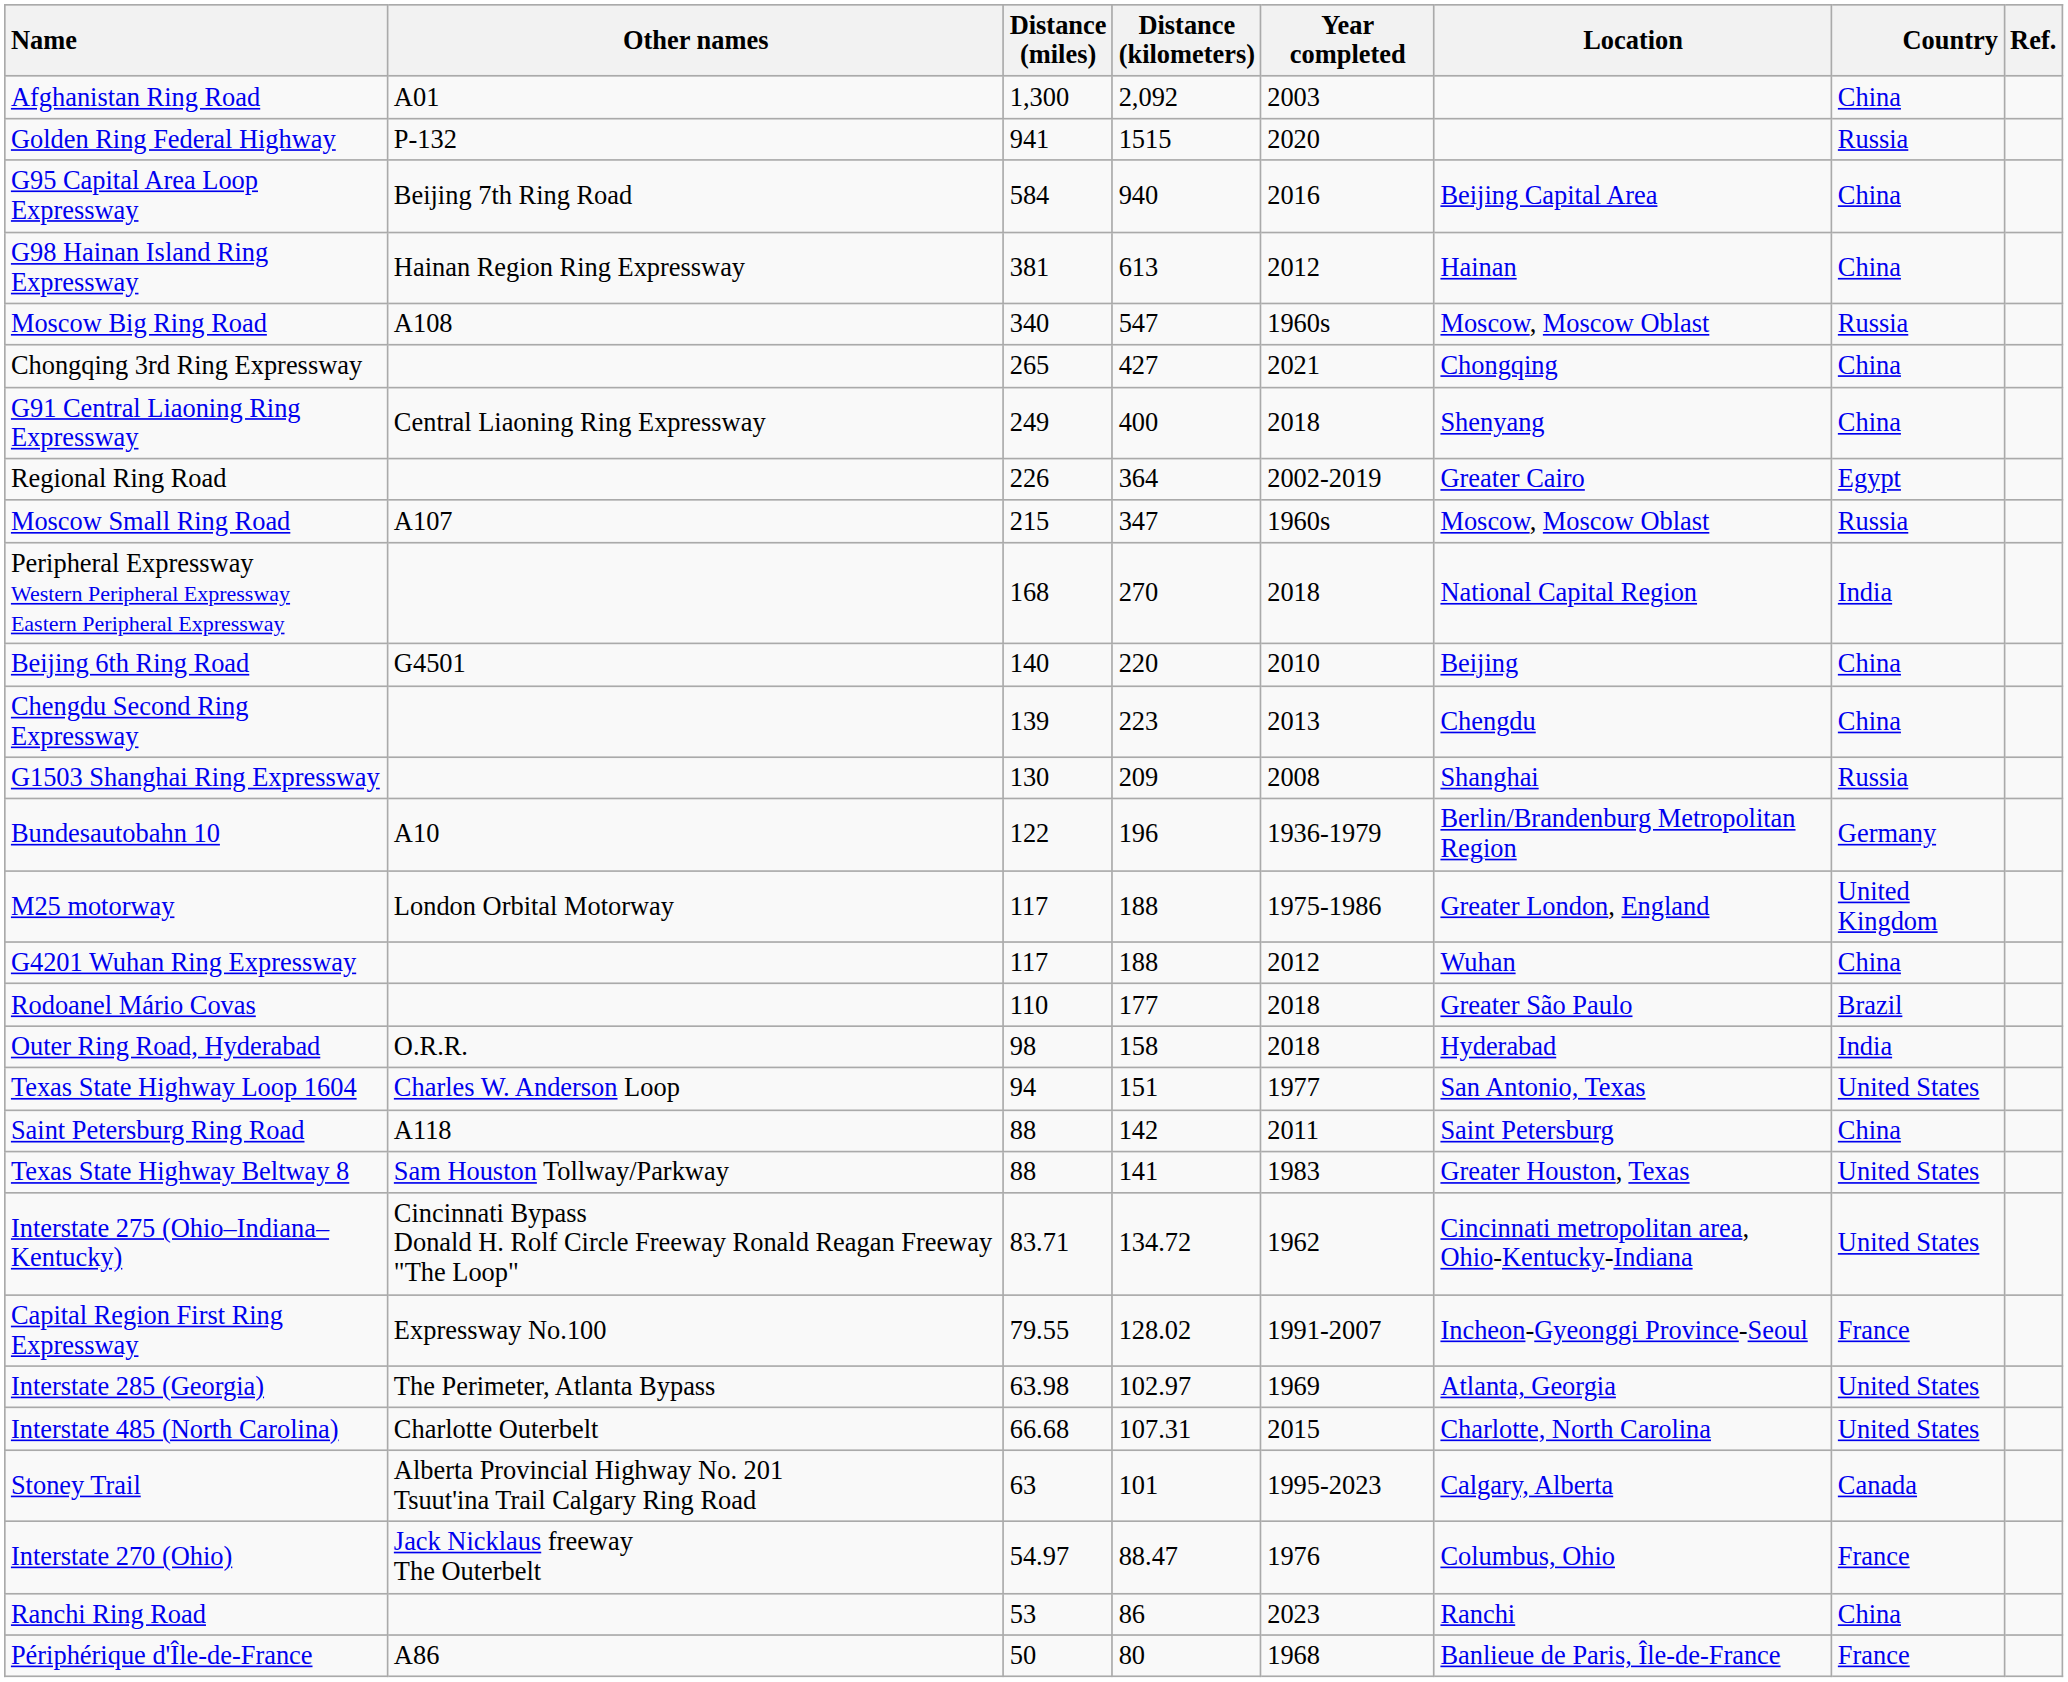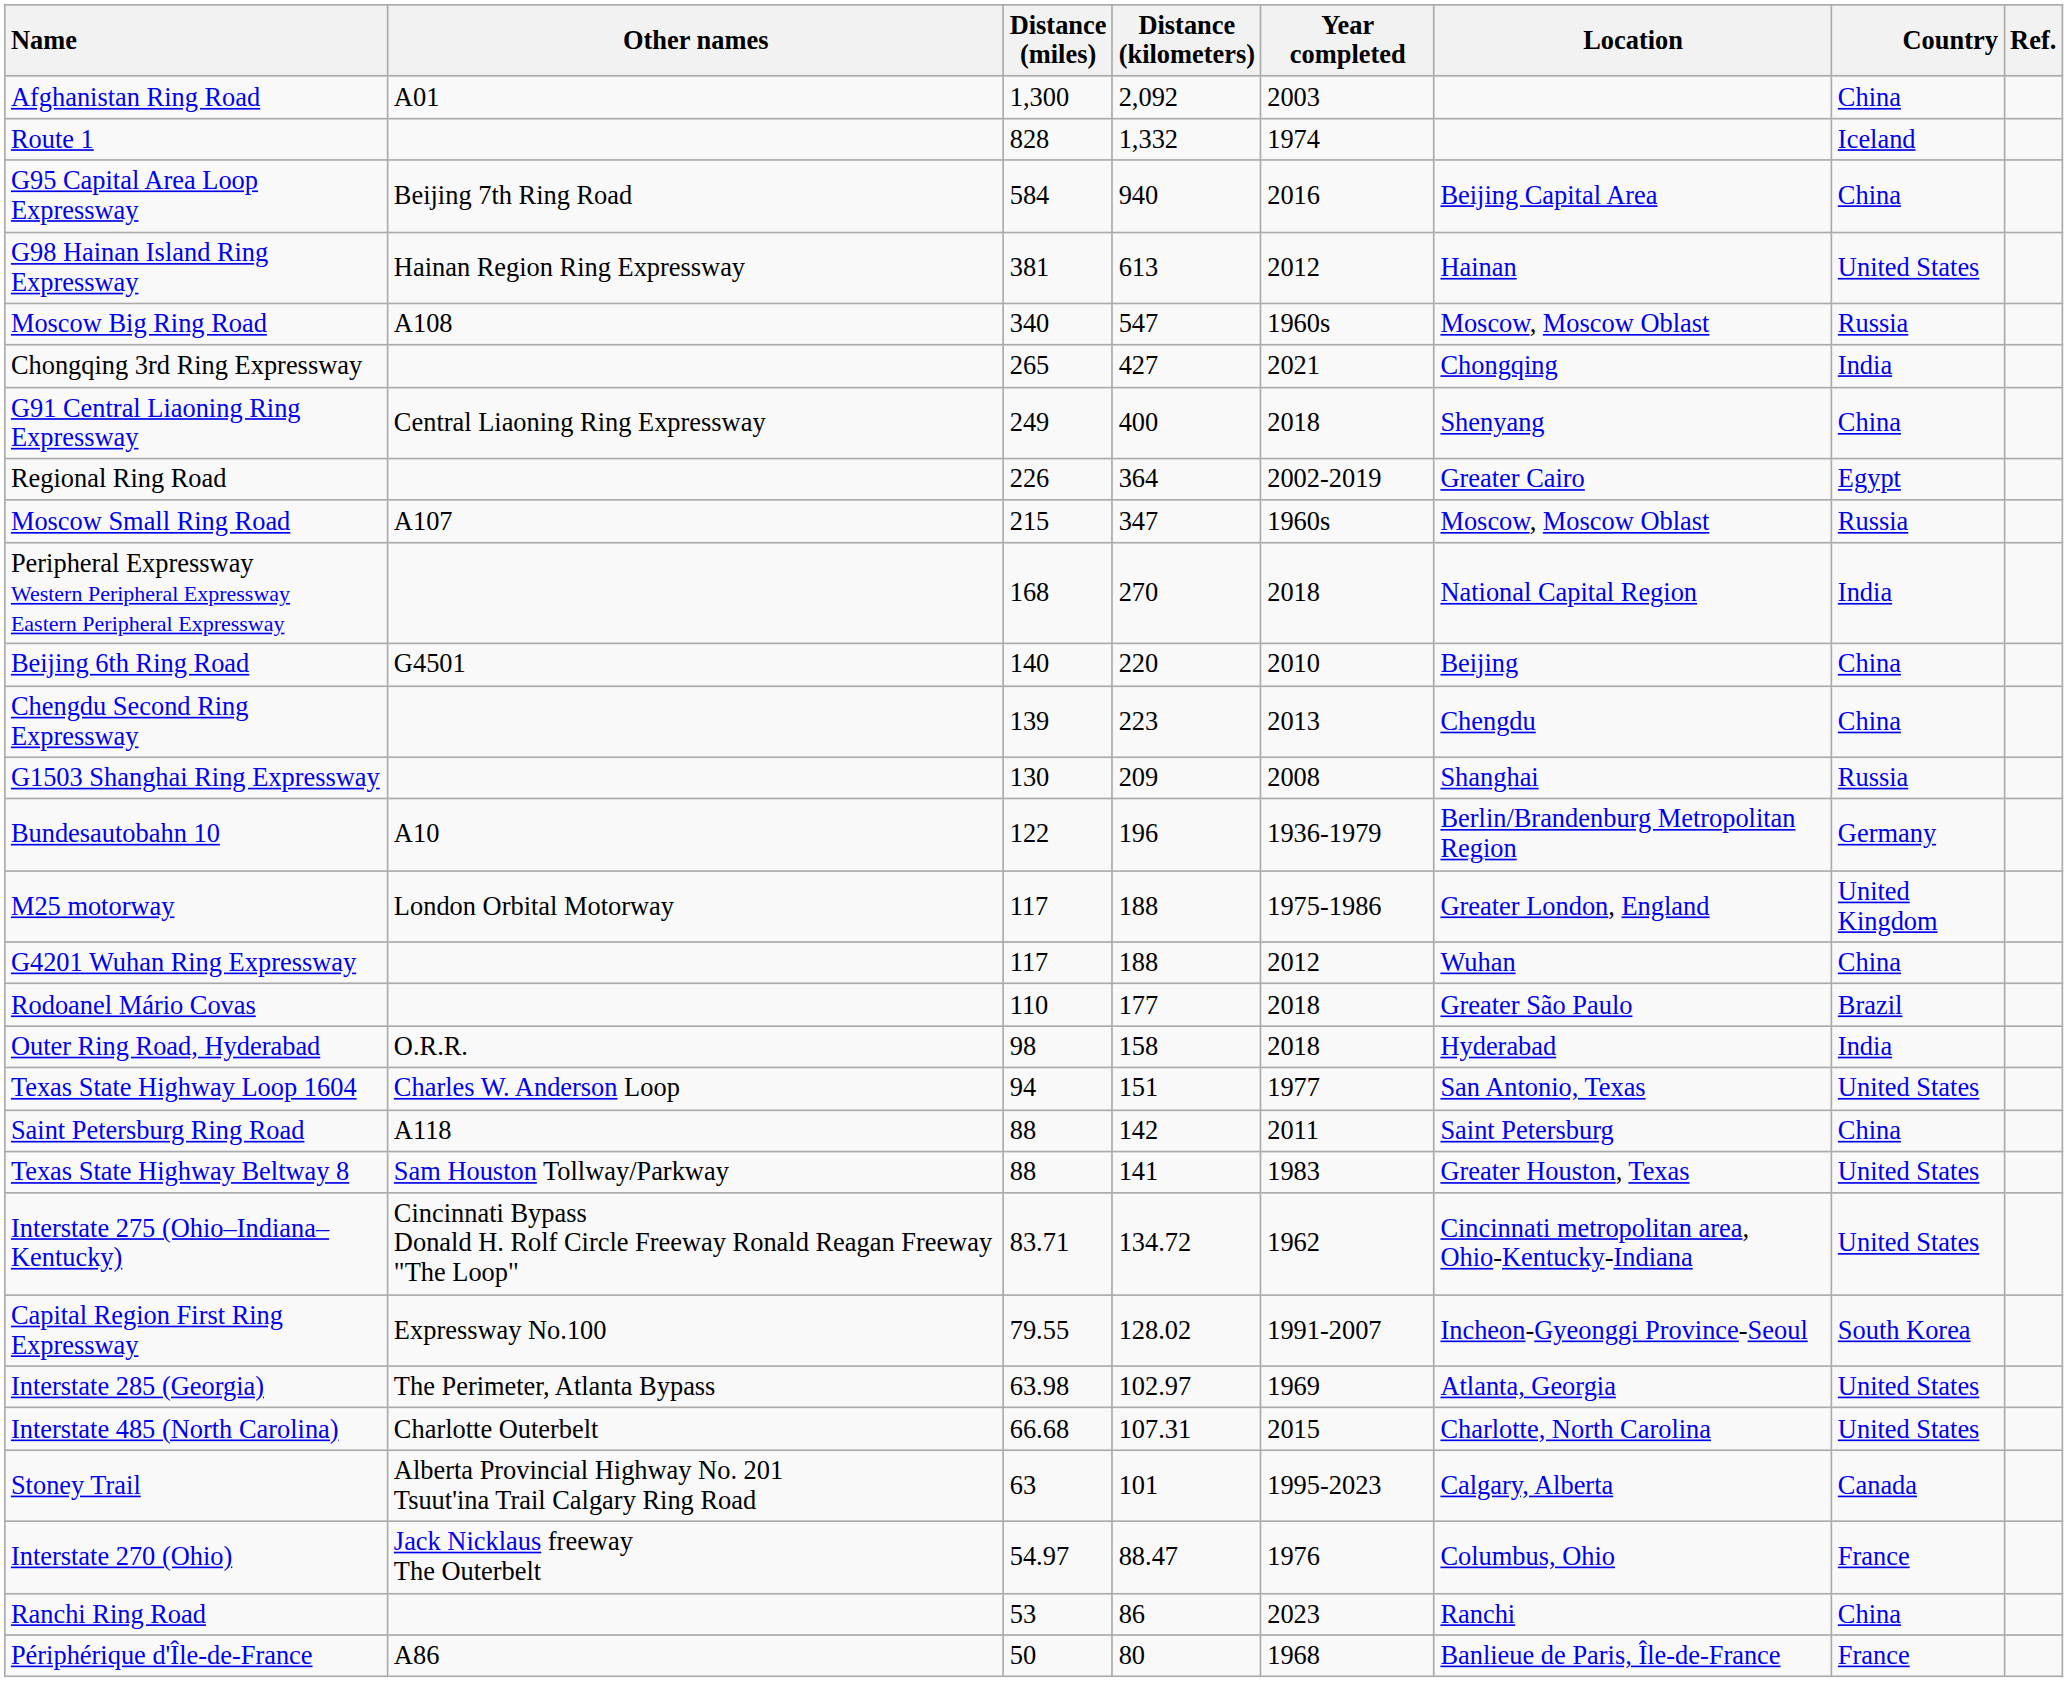 <table class="wikitable sortable">
 <tr style="background:#efefef;">
 <th style="text-align:left;">Name</th>
 <th>Other names</th>
 <th style="text-align:center;">Distance<br>(miles)</th>
 <th style="text-align:center;">Distance<br>(kilometers)</th>
 <th style="text-align:center;">Year completed</th>
 <th style="text-align:center;">Location</th>
 <th style="text-align:right;">Country</th>
 <th style="text-align:right;">Ref.</th>
 </tr>
 <tr>
 <td><a href='#'>Afghanistan Ring Road</a></td>
 <td>A01</td>
 <td>1,300</td>
 <td>2,092</td>
 <td>2003</td>
 <td></td>
 <td><a href='#'>China</a></td>
 <td></td>
 </tr>
 <tr>
-<td><a href='#'>Golden Ring Federal Highway</a></td>
-<td>Р-132</td>
-<td>941</td>
-<td>1515</td>
-<td>2020</td>
+<td><a href='#'>Route 1</a></td>
 <td></td>
-<td><a href='#'>Russia</a></td>
+<td>828</td>
+<td>1,332</td>
+<td>1974</td>
+<td></td>
+<td><a href='#'>Iceland</a></td>
 <td></td>
 </tr>
 <tr>
 <td><a href='#'>G95 Capital Area Loop Expressway</a></td>
 <td>Beijing 7th Ring Road</td>
 <td>584</td>
 <td>940</td>
 <td>2016</td>
 <td><a href='#'>Beijing Capital Area</a></td>
 <td><a href='#'>China</a></td>
 <td></td>
 </tr>
 <tr>
 <td><a href='#'>G98 Hainan Island Ring Expressway</a></td>
 <td>Hainan Region Ring Expressway</td>
 <td>381</td>
 <td>613</td>
 <td>2012</td>
 <td><a href='#'>Hainan</a></td>
-<td><a href='#'>China</a></td>
+<td><a href='#'>United States</a></td>
 <td></td>
 </tr>
 <tr>
 <td><a href='#'>Moscow Big Ring Road</a></td>
 <td>A108</td>
 <td>340</td>
 <td>547</td>
 <td>1960s</td>
 <td><a href='#'>Moscow</a>, <a href='#'>Moscow Oblast</a></td>
 <td><a href='#'>Russia</a></td>
 <td></td>
 </tr>
 <tr>
 <td>Chongqing 3rd Ring Expressway</td>
 <td></td>
 <td>265</td>
 <td>427</td>
 <td>2021</td>
 <td><a href='#'>Chongqing</a></td>
-<td><a href='#'>China</a></td>
+<td><a href='#'>India</a></td>
 <td></td>
 </tr>
 <tr>
 <td><a href='#'>G91 Central Liaoning Ring Expressway</a></td>
 <td>Central Liaoning Ring Expressway</td>
 <td>249</td>
 <td>400</td>
 <td>2018</td>
 <td><a href='#'>Shenyang</a></td>
 <td><a href='#'>China</a></td>
 <td></td>
 </tr>
 <tr>
 <td>Regional Ring Road</td>
 <td></td>
 <td>226</td>
 <td>364</td>
 <td>2002-2019</td>
 <td><a href='#'>Greater Cairo</a></td>
 <td><a href='#'>Egypt</a></td>
 <td></td>
 </tr>
 <tr>
 <td><a href='#'>Moscow Small Ring Road</a></td>
 <td>A107</td>
 <td>215</td>
 <td>347</td>
 <td>1960s</td>
 <td><a href='#'>Moscow</a>, <a href='#'>Moscow Oblast</a></td>
 <td><a href='#'>Russia</a></td>
 <td></td>
 </tr>
 <tr>
 <td>Peripheral Expressway<br><small><a href='#'>Western Peripheral Expressway</a><br><a href='#'>Eastern Peripheral Expressway</a></small></td>
 <td></td>
 <td>168</td>
 <td>270</td>
 <td>2018</td>
 <td><a href='#'>National Capital Region</a></td>
 <td><a href='#'>India</a></td>
 <td></td>
 </tr>
 <tr>
 <td><a href='#'>Beijing 6th Ring Road</a></td>
 <td>G4501</td>
 <td>140</td>
 <td>220</td>
 <td>2010</td>
 <td><a href='#'>Beijing</a></td>
 <td><a href='#'>China</a></td>
 <td></td>
 </tr>
 <tr>
 <td><a href='#'>Chengdu Second Ring Expressway</a></td>
 <td></td>
 <td>139</td>
 <td>223</td>
 <td>2013</td>
 <td><a href='#'>Chengdu</a></td>
 <td><a href='#'>China</a></td>
 <td></td>
 </tr>
 <tr>
 <td><a href='#'>G1503 Shanghai Ring Expressway</a></td>
 <td></td>
 <td>130</td>
 <td>209</td>
 <td>2008</td>
 <td><a href='#'>Shanghai</a></td>
 <td><a href='#'>Russia</a></td>
 <td></td>
 </tr>
 <tr>
 <td><a href='#'>Bundesautobahn 10</a></td>
 <td>A10</td>
 <td>122</td>
 <td>196</td>
 <td>1936-1979</td>
 <td><a href='#'>Berlin/Brandenburg Metropolitan Region</a></td>
 <td><a href='#'>Germany</a></td>
 <td></td>
 </tr>
 <tr>
 <td><a href='#'>M25 motorway</a></td>
 <td>London Orbital Motorway</td>
 <td>117</td>
 <td>188</td>
 <td>1975-1986</td>
 <td><a href='#'>Greater London</a>, <a href='#'>England</a></td>
 <td><a href='#'>United Kingdom</a></td>
 <td></td>
 </tr>
 <tr>
 <td><a href='#'>G4201 Wuhan Ring Expressway</a></td>
 <td></td>
 <td>117</td>
 <td>188</td>
 <td>2012</td>
 <td><a href='#'>Wuhan</a></td>
 <td><a href='#'>China</a></td>
 <td></td>
 </tr>
 <tr>
 <td><a href='#'>Rodoanel Mário Covas</a></td>
 <td></td>
 <td>110</td>
 <td>177</td>
 <td>2018</td>
 <td><a href='#'>Greater São Paulo</a></td>
 <td><a href='#'>Brazil</a></td>
 <td></td>
 </tr>
 <tr>
 <td><a href='#'>Outer Ring Road, Hyderabad</a></td>
 <td>O.R.R.</td>
 <td>98</td>
 <td>158</td>
 <td>2018</td>
 <td><a href='#'>Hyderabad</a></td>
 <td><a href='#'>India</a></td>
 <td></td>
 </tr>
 <tr>
 <td><a href='#'>Texas State Highway Loop 1604</a></td>
 <td><a href='#'>Charles W. Anderson</a> Loop</td>
 <td>94</td>
 <td>151</td>
 <td>1977</td>
 <td><a href='#'>San Antonio, Texas</a></td>
 <td><a href='#'>United States</a></td>
 <td></td>
 </tr>
 <tr>
 <td><a href='#'>Saint Petersburg Ring Road</a></td>
 <td>A118</td>
 <td>88</td>
 <td>142</td>
 <td>2011</td>
 <td><a href='#'>Saint Petersburg</a></td>
 <td><a href='#'>China</a></td>
 <td></td>
 </tr>
 <tr>
 <td><a href='#'>Texas State Highway Beltway 8</a></td>
 <td><a href='#'>Sam Houston</a> Tollway/Parkway</td>
 <td>88</td>
 <td>141</td>
 <td>1983</td>
 <td><a href='#'>Greater Houston</a>, <a href='#'>Texas</a></td>
 <td><a href='#'>United States</a></td>
 <td></td>
 </tr>
 <tr>
 <td><a href='#'>Interstate 275 (Ohio–Indiana–Kentucky)</a></td>
 <td>Cincinnati Bypass<br>Donald H. Rolf Circle Freeway Ronald Reagan Freeway "The Loop"</td>
 <td>83.71</td>
 <td>134.72</td>
 <td>1962</td>
 <td><a href='#'>Cincinnati metropolitan area</a>,<br><a href='#'>Ohio</a>-<a href='#'>Kentucky</a>-<a href='#'>Indiana</a></td>
 <td><a href='#'>United States</a></td>
 <td></td>
 </tr>
 <tr>
 <td><a href='#'>Capital Region First Ring Expressway</a></td>
 <td>Expressway No.100</td>
 <td>79.55</td>
 <td>128.02</td>
 <td>1991-2007</td>
 <td><a href='#'>Incheon</a>-<a href='#'>Gyeonggi Province</a>-<a href='#'>Seoul</a></td>
-<td><a href='#'>France</a></td>
+<td><a href='#'>South Korea</a></td>
 <td></td>
 </tr>
 <tr>
 <td><a href='#'>Interstate 285 (Georgia)</a></td>
 <td>The Perimeter, Atlanta Bypass</td>
 <td>63.98</td>
 <td>102.97</td>
 <td>1969</td>
 <td><a href='#'>Atlanta, Georgia</a></td>
 <td><a href='#'>United States</a></td>
 <td></td>
 </tr>
 <tr>
 <td><a href='#'>Interstate 485 (North Carolina)</a></td>
 <td>Charlotte Outerbelt</td>
 <td>66.68</td>
 <td>107.31</td>
 <td>2015</td>
 <td><a href='#'>Charlotte, North Carolina</a></td>
 <td><a href='#'>United States</a></td>
 <td></td>
 </tr>
 <tr>
 <td><a href='#'>Stoney Trail</a></td>
 <td>Alberta Provincial Highway No. 201<br>Tsuut'ina Trail Calgary Ring Road</td>
 <td>63</td>
 <td>101</td>
 <td>1995-2023</td>
 <td><a href='#'>Calgary, Alberta</a></td>
 <td><a href='#'>Canada</a></td>
 <td></td>
 </tr>
 <tr>
 <td><a href='#'>Interstate 270 (Ohio)</a></td>
 <td><a href='#'>Jack Nicklaus</a> freeway<br>The Outerbelt</td>
 <td>54.97</td>
 <td>88.47</td>
 <td>1976</td>
 <td><a href='#'>Columbus, Ohio</a></td>
 <td><a href='#'>France</a></td>
 <td></td>
 </tr>
 <tr>
 <td><a href='#'>Ranchi Ring Road</a></td>
 <td></td>
 <td>53</td>
 <td>86</td>
 <td>2023</td>
 <td><a href='#'>Ranchi</a></td>
 <td><a href='#'>China</a></td>
 <td></td>
 </tr>
 <tr>
 <td><a href='#'>Périphérique d'Île-de-France</a></td>
 <td>A86</td>
 <td>50</td>
 <td>80</td>
 <td>1968</td>
 <td><a href='#'>Banlieue de Paris, Île-de-France</a></td>
 <td><a href='#'>France</a></td>
 <td></td>
 </tr>
 </table>
